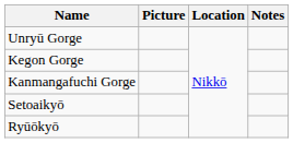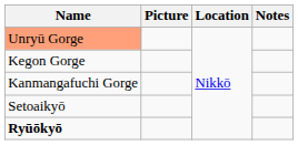 <table class="wikitable">
 <tr>
 <th>Name</th>
 <th>Picture</th>
 <th>Location</th>
 <th>Notes</th>
 </tr>
 <tr>
-<td>Unryū Gorge</td>
+<td style="background: lightsalmon;">Unryū Gorge</td>
 <td></td>
 <td rowspan=5><a href='#'>Nikkō</a></td>
 <td></td>
 </tr>
 <tr>
 <td>Kegon Gorge</td>
 <td></td>
 <td></td>
 </tr>
 <tr>
 <td>Kanmangafuchi Gorge</td>
 <td></td>
 <td></td>
 </tr>
 <tr>
 <td>Setoaikyō</td>
 <td></td>
 <td></td>
 </tr>
 <tr>
-<td>Ryūōkyō</td>
+<td><strong>Ryūōkyō</strong></td>
 <td></td>
 <td></td>
 </tr>
 </table>
